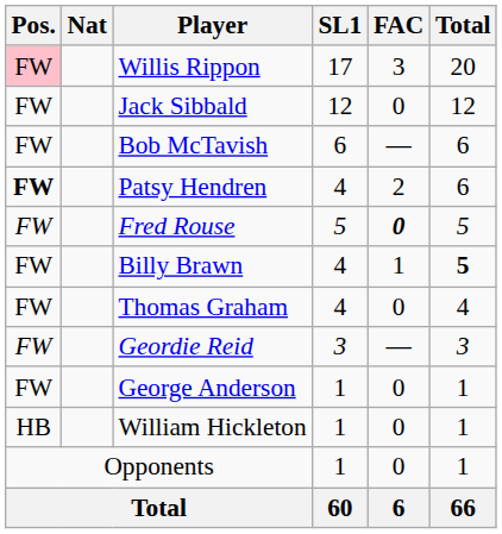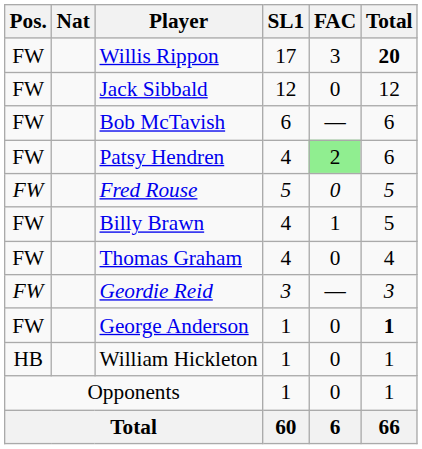 <table class="wikitable"  style="text-align:center; border:1px #aaa solid;">
 <tr>
 <th>Pos.</th>
 <th>Nat</th>
 <th>Player</th>
 <th>SL1</th>
 <th>FAC</th>
 <th>Total</th>
 </tr>
 <tr>
-<td style="background: pink;">FW</td>
+<td>FW</td>
 <td></td>
 <td style="text-align:left;"><a href='#'>Willis Rippon</a></td>
 <td>17</td>
 <td>3</td>
-<td>20</td>
+<td><strong>20</strong></td>
 </tr>
 <tr>
 <td>FW</td>
 <td></td>
 <td style="text-align:left;"><a href='#'>Jack Sibbald</a></td>
 <td>12</td>
 <td>0</td>
 <td>12</td>
 </tr>
 <tr>
 <td>FW</td>
 <td></td>
 <td style="text-align:left;"><a href='#'>Bob McTavish</a></td>
 <td>6</td>
 <td>—</td>
 <td>6</td>
 </tr>
 <tr>
-<td><strong>FW</strong></td>
+<td>FW</td>
 <td></td>
 <td style="text-align:left;"><a href='#'>Patsy Hendren</a></td>
 <td>4</td>
-<td>2</td>
+<td style="background: lightgreen;">2</td>
 <td>6</td>
 </tr>
 <tr>
 <td><em>FW</em></td>
 <td><em></em></td>
 <td style="text-align:left;"><a href='#'><em>Fred Rouse</em></a></td>
 <td><em>5</em></td>
-<td><strong><em>0</em></strong></td>
+<td><em>0</em></td>
 <td><em>5</em></td>
 </tr>
 <tr>
 <td>FW</td>
 <td></td>
 <td style="text-align:left;"><a href='#'>Billy Brawn</a></td>
 <td>4</td>
 <td>1</td>
-<td><strong>5</strong></td>
+<td>5</td>
 </tr>
 <tr>
 <td>FW</td>
 <td></td>
 <td style="text-align:left;"><a href='#'>Thomas Graham</a></td>
 <td>4</td>
 <td>0</td>
 <td>4</td>
 </tr>
 <tr>
 <td><em>FW</em></td>
 <td><em></em></td>
 <td style="text-align:left;"><em><a href='#'>Geordie Reid</a></em></td>
 <td><em>3</em></td>
 <td>—</td>
 <td><em>3</em></td>
 </tr>
 <tr>
 <td>FW</td>
 <td></td>
 <td style="text-align:left;"><a href='#'>George Anderson</a></td>
 <td>1</td>
 <td>0</td>
-<td>1</td>
+<td><strong>1</strong></td>
 </tr>
 <tr>
 <td>HB</td>
 <td></td>
 <td style="text-align:left;">William Hickleton</td>
 <td>1</td>
 <td>0</td>
 <td>1</td>
 </tr>
 <tr>
 <td colspan="3">Opponents</td>
 <td>1</td>
 <td>0</td>
 <td>1</td>
 </tr>
 <tr>
 <th colspan="3">Total</th>
 <th>60</th>
 <th>6</th>
 <th>66</th>
 </tr>
 </table>
